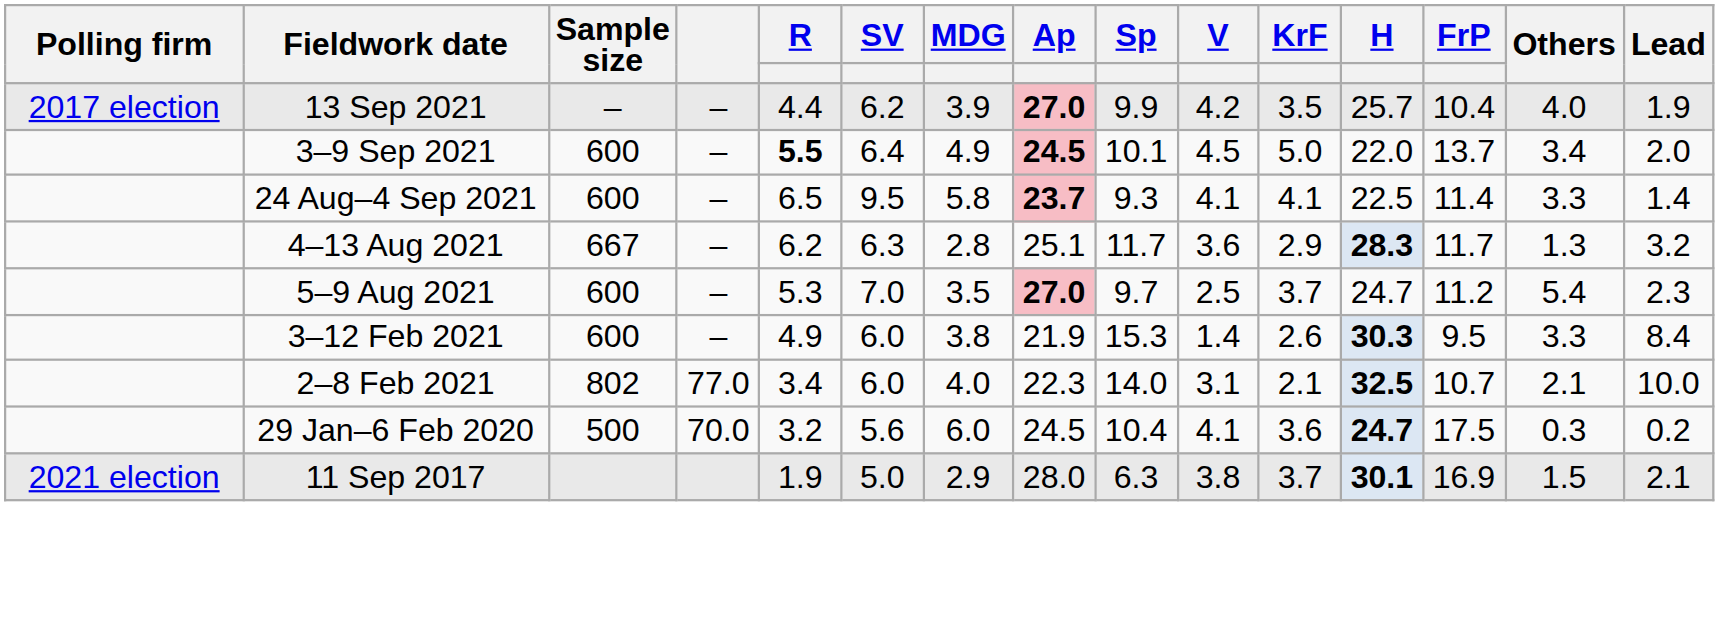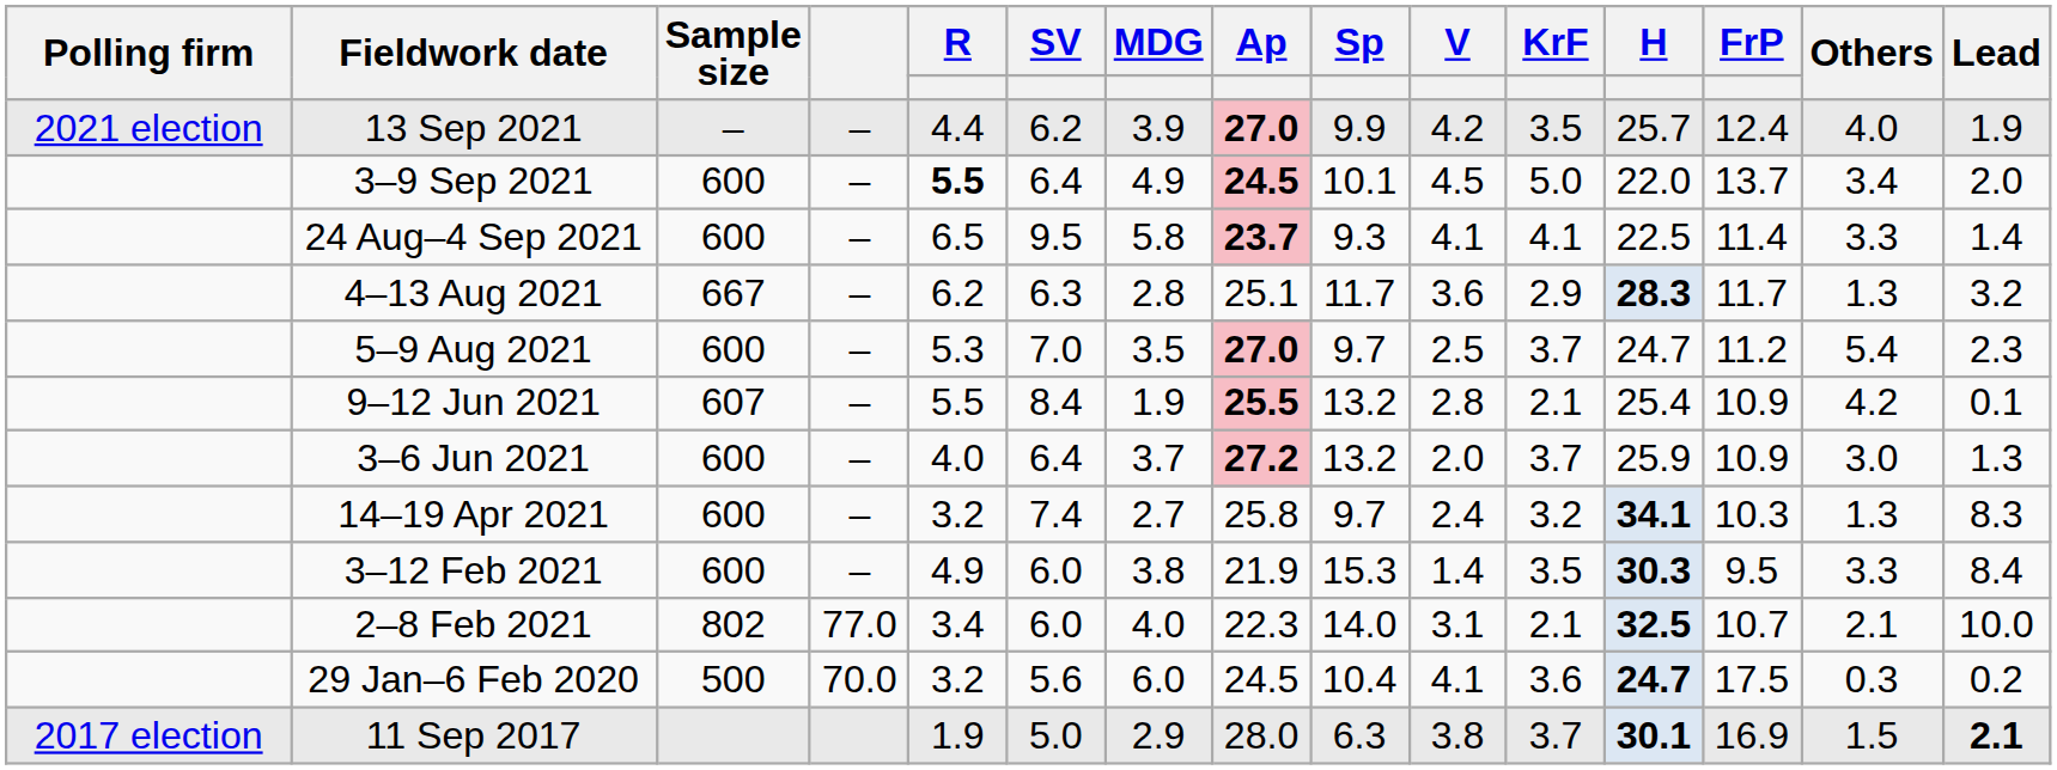 <table class="wikitable mw-collapsible sortable" style="text-align:center;font-size:90%;line-height:14px;">
 <tr>
 <th rowspan="2" style="width:100px;">Polling firm</th>
 <th rowspan="2" style="width:130px;">Fieldwork date</th>
 <th rowspan="2" style="width:35px;">Sample<br>size</th>
 <th rowspan="2" style="width:30px;"></th>
 <th class="unsortable" style="width:30px;"><a href='#'>R</a></th>
 <th class="unsortable" style="width:30px;"><a href='#'>SV</a></th>
 <th class="unsortable" style="width:30px;"><a href='#'>MDG</a></th>
 <th class="unsortable" style="width:30px;"><a href='#'>Ap</a></th>
 <th class="unsortable" style="width:30px;"><a href='#'>Sp</a></th>
 <th class="unsortable" style="width:30px;"><a href='#'>V</a></th>
 <th class="unsortable" style="width:30px;"><a href='#'>KrF</a></th>
 <th class="unsortable" style="width:30px;"><a href='#'>H</a></th>
 <th class="unsortable" style="width:30px;"><a href='#'>FrP</a></th>
 <th class="unsortable" style="width:20px;" rowspan="2">Others</th>
 <th rowspan="2" style="width:30px;">Lead</th>
 </tr>
 <tr>
 <th style="background:"></th>
 <th style="background:"></th>
 <th style="background:"></th>
 <th style="background:"></th>
 <th style="background:"></th>
 <th style="background:"></th>
 <th style="background:"></th>
 <th style="background:"></th>
 <th style="background:"></th>
 </tr>
 <tr style="background:#E9E9E9;">
-<td><a href='#'>2017 election</a></td>
+<td><a href='#'>2021 election</a></td>
 <td>13 Sep 2021</td>
 <td>–</td>
 <td>–</td>
 <td>4.4</td>
 <td>6.2</td>
 <td>3.9</td>
 <td style="background:#F7BDC5;"><strong>27.0</strong></td>
 <td>9.9</td>
 <td>4.2</td>
 <td>3.5</td>
 <td>25.7</td>
-<td>10.4</td>
+<td>12.4</td>
 <td>4.0</td>
 <td style="background:">1.9</td>
 </tr>
 <tr>
 <td></td>
 <td>3–9 Sep 2021</td>
 <td>600</td>
 <td>–</td>
 <td><strong>5.5</strong></td>
 <td>6.4</td>
 <td>4.9</td>
 <td style="background:#F7BDC5;"><strong>24.5</strong></td>
 <td>10.1</td>
 <td>4.5</td>
 <td>5.0</td>
 <td>22.0</td>
 <td>13.7</td>
 <td>3.4</td>
 <td style="background:">2.0</td>
 </tr>
 <tr>
 <td></td>
 <td>24 Aug–4 Sep 2021</td>
 <td>600</td>
 <td>–</td>
 <td>6.5</td>
 <td>9.5</td>
 <td>5.8</td>
 <td style="background:#F7BDC5;"><strong>23.7</strong></td>
 <td>9.3</td>
 <td>4.1</td>
 <td>4.1</td>
 <td>22.5</td>
 <td>11.4</td>
 <td>3.3</td>
 <td style="background:">1.4</td>
 </tr>
 <tr>
 <td></td>
 <td>4–13 Aug 2021</td>
 <td>667</td>
 <td>–</td>
 <td>6.2</td>
 <td>6.3</td>
 <td>2.8</td>
 <td>25.1</td>
 <td>11.7</td>
 <td>3.6</td>
 <td>2.9</td>
 <td style="background:#DCE7F3;"><strong>28.3</strong></td>
 <td>11.7</td>
 <td>1.3</td>
 <td style="background:">3.2</td>
 </tr>
 <tr>
 <td></td>
 <td>5–9 Aug 2021</td>
 <td>600</td>
 <td>–</td>
 <td>5.3</td>
 <td>7.0</td>
 <td>3.5</td>
 <td style="background:#F7BDC5;"><strong>27.0</strong></td>
 <td>9.7</td>
 <td>2.5</td>
 <td>3.7</td>
 <td>24.7</td>
 <td>11.2</td>
 <td>5.4</td>
 <td style="background:">2.3</td>
 </tr>
 <tr>
 <td></td>
+<td>9–12 Jun 2021</td>
+<td>607</td>
+<td>–</td>
+<td>5.5</td>
+<td>8.4</td>
+<td>1.9</td>
+<td style="background:#F7BDC5;"><strong>25.5</strong></td>
+<td>13.2</td>
+<td>2.8</td>
+<td>2.1</td>
+<td>25.4</td>
+<td>10.9</td>
+<td>4.2</td>
+<td style="background:">0.1</td>
+</tr>
+<tr>
+<td></td>
+<td>3–6 Jun 2021</td>
+<td>600</td>
+<td>–</td>
+<td>4.0</td>
+<td>6.4</td>
+<td>3.7</td>
+<td style="background:#F7BDC5;"><strong>27.2</strong></td>
+<td>13.2</td>
+<td>2.0</td>
+<td>3.7</td>
+<td>25.9</td>
+<td>10.9</td>
+<td>3.0</td>
+<td style="background:">1.3</td>
+</tr>
+<tr>
+<td></td>
+<td>14–19 Apr 2021</td>
+<td>600</td>
+<td>–</td>
+<td>3.2</td>
+<td>7.4</td>
+<td>2.7</td>
+<td>25.8</td>
+<td>9.7</td>
+<td>2.4</td>
+<td>3.2</td>
+<td style="background:#DCE7F3;"><strong>34.1</strong></td>
+<td>10.3</td>
+<td>1.3</td>
+<td style="background:">8.3</td>
+</tr>
+<tr>
+<td></td>
 <td>3–12 Feb 2021</td>
 <td>600</td>
 <td>–</td>
 <td>4.9</td>
 <td>6.0</td>
 <td>3.8</td>
 <td>21.9</td>
 <td>15.3</td>
 <td>1.4</td>
-<td>2.6</td>
+<td>3.5</td>
 <td style="background:#DCE7F3;"><strong>30.3</strong></td>
 <td>9.5</td>
 <td>3.3</td>
 <td style="background:">8.4</td>
 </tr>
 <tr>
 <td></td>
 <td>2–8 Feb 2021</td>
 <td>802</td>
 <td>77.0</td>
 <td>3.4</td>
 <td>6.0</td>
 <td>4.0</td>
 <td>22.3</td>
 <td>14.0</td>
 <td>3.1</td>
 <td>2.1</td>
 <td style="background:#DCE7F3;"><strong>32.5</strong></td>
 <td>10.7</td>
 <td>2.1</td>
 <td style="background:">10.0</td>
 </tr>
 <tr>
 <td></td>
 <td>29 Jan–6 Feb 2020</td>
 <td>500</td>
 <td>70.0</td>
 <td>3.2</td>
 <td>5.6</td>
 <td>6.0</td>
 <td>24.5</td>
 <td>10.4</td>
 <td>4.1</td>
 <td>3.6</td>
 <td style="background:#DCE7F3;"><strong>24.7</strong></td>
 <td>17.5</td>
 <td>0.3</td>
 <td style="background:">0.2</td>
 </tr>
 <tr style="background:#E9E9E9;">
-<td><a href='#'>2021 election</a></td>
+<td><a href='#'>2017 election</a></td>
 <td>11 Sep 2017</td>
 <td></td>
 <td></td>
 <td>1.9</td>
 <td>5.0</td>
 <td>2.9</td>
 <td>28.0</td>
 <td>6.3</td>
 <td>3.8</td>
 <td>3.7</td>
 <td style="background:#DCE7F3;"><strong>30.1</strong></td>
 <td>16.9</td>
 <td>1.5</td>
-<td style="background:">2.1</td>
+<td style="background:"><strong>2.1</strong></td>
 </tr>
 </table>
